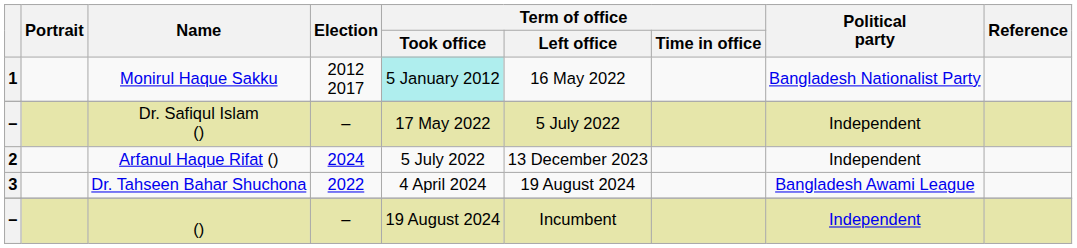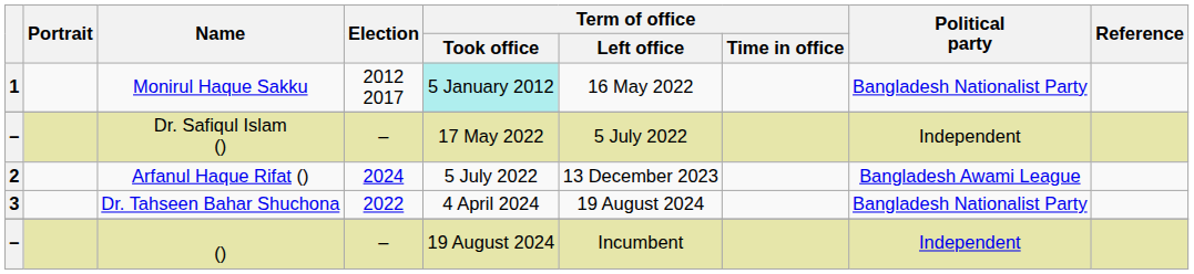 <table class="wikitable" style="text-align:center">
 <tr>
 <th rowspan="2"></th>
 <th rowspan="2">Portrait</th>
 <th rowspan="2">Name<br></th>
 <th rowspan="2">Election</th>
 <th colspan="3"><strong>Term of office</strong></th>
 <th rowspan="2"><strong>Political<br> party</strong></th>
 <th rowspan="2"><strong>Reference</strong></th>
 </tr>
 <tr>
 <th><strong>Took office</strong></th>
 <th><strong>Left office</strong></th>
 <th><strong>Time in office</strong></th>
 </tr>
 <tr>
 <th style="background:">1</th>
 <td align=center></td>
 <td><a href='#'>Monirul Haque Sakku</a></td>
 <td>2012<br>2017</td>
 <td align=center style="background: paleturquoise;">5 January 2012</td>
 <td align=center>16 May 2022</td>
 <td></td>
 <td><a href='#'>Bangladesh Nationalist Party</a></td>
 <td></td>
 </tr>
 <tr>
 </tr>
 <tr style="background:#e6e6aa;">
 <th style="background:">–</th>
 <td align=center></td>
 <td>Dr. Safiqul Islam<br>()</td>
 <td>–</td>
 <td align=center>17 May 2022</td>
 <td align=center>5 July 2022</td>
 <td></td>
 <td>Independent</td>
 <td></td>
 </tr>
 <tr>
 <th style="background:">2</th>
 <td align=center></td>
 <td><a href='#'>Arfanul Haque Rifat</a> ()</td>
 <td><a href='#'>2024</a></td>
 <td align=center>5 July 2022</td>
 <td align=center>13 December 2023</td>
 <td></td>
-<td>Independent</td>
+<td><a href='#'>Bangladesh Awami League</a></td>
 <td></td>
 </tr>
 <tr>
 <th style="background:">3</th>
 <td align=center></td>
 <td><a href='#'>Dr. Tahseen Bahar Shuchona</a></td>
 <td><a href='#'>2022</a></td>
 <td align=center>4 April 2024</td>
 <td align=center>19 August 2024</td>
 <td></td>
-<td><a href='#'>Bangladesh Awami League</a></td>
+<td><a href='#'>Bangladesh Nationalist Party</a></td>
 <td></td>
 </tr>
 <tr>
 </tr>
 <tr style="background:#e6e6aa;">
 <th style="background:">–</th>
 <td align=center></td>
 <td><br>()</td>
 <td>–</td>
 <td align=center>19 August 2024</td>
 <td align=center>Incumbent</td>
 <td></td>
 <td><a href='#'>Independent</a></td>
 <td></td>
 </tr>
 </table>
